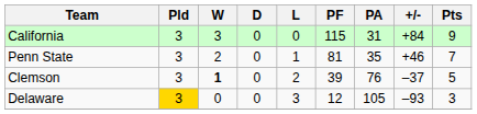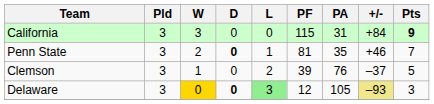 <table class="wikitable" style="text-align: center;">
 <tr>
 <th width="180">Team</th>
 <th width="40">Pld</th>
 <th width="40">W</th>
 <th width="40">D</th>
 <th width="40">L</th>
 <th width="40">PF</th>
 <th width="40">PA</th>
 <th width="40">+/-</th>
 <th width="40">Pts</th>
 </tr>
 <tr bgcolor=#ccffcc>
 <td align="left">California</td>
 <td>3</td>
 <td>3</td>
 <td>0</td>
 <td>0</td>
 <td>115</td>
 <td>31</td>
 <td>+84</td>
-<td>9</td>
+<td><strong>9</strong></td>
 </tr>
 <tr>
 <td align="left">Penn State</td>
 <td>3</td>
 <td>2</td>
-<td>0</td>
+<td><strong>0</strong></td>
 <td>1</td>
 <td>81</td>
 <td>35</td>
 <td>+46</td>
 <td>7</td>
 </tr>
 <tr>
 <td align="left">Clemson</td>
 <td>3</td>
-<td><strong>1</strong></td>
+<td>1</td>
 <td>0</td>
 <td>2</td>
 <td>39</td>
 <td>76</td>
 <td>–37</td>
 <td>5</td>
 </tr>
 <tr>
 <td align="left">Delaware</td>
-<td style="background: gold;">3</td>
-<td>0</td>
-<td>0</td>
 <td>3</td>
+<td style="background: gold;">0</td>
+<td><strong>0</strong></td>
+<td style="background: lightgreen;">3</td>
 <td>12</td>
 <td>105</td>
-<td>–93</td>
+<td style="background: khaki;">–93</td>
 <td>3</td>
 </tr>
 <tr>
 </tr>
 </table>
